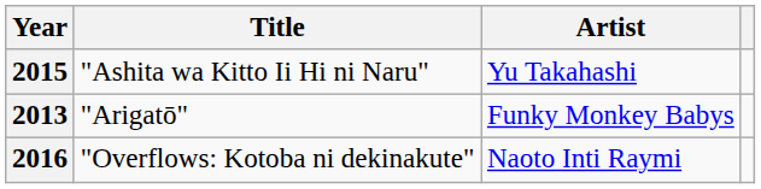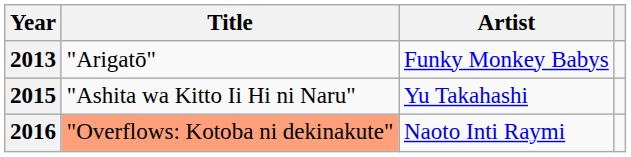 <table class="wikitable plainrowheaders sortable">
 <tr>
 <th scope="col">Year</th>
 <th scope="col">Title</th>
 <th scope="col">Artist</th>
 <th scope="col" class="unsortable"></th>
 </tr>
 <tr>
+<th scope="row">2013</th>
+<td>"Arigatō"</td>
+<td><a href='#'>Funky Monkey Babys</a></td>
+<td style="text-align:center"></td>
+</tr>
+<tr>
 <th scope="row">2015</th>
 <td>"Ashita wa Kitto Ii Hi ni Naru"</td>
 <td><a href='#'>Yu Takahashi</a></td>
 <td style="text-align:center"></td>
 </tr>
 <tr>
-<th scope="row">2013</th>
-<td>"Arigatō"</td>
-<td><a href='#'>Funky Monkey Babys</a></td>
-<td style="text-align:center"></td>
-</tr>
-<tr>
 <th scope="row">2016</th>
-<td>"Overflows: Kotoba ni dekinakute"</td>
+<td style="background: lightsalmon;">"Overflows: Kotoba ni dekinakute"</td>
 <td><a href='#'>Naoto Inti Raymi</a></td>
 <td style="text-align:center"></td>
 </tr>
 </table>
